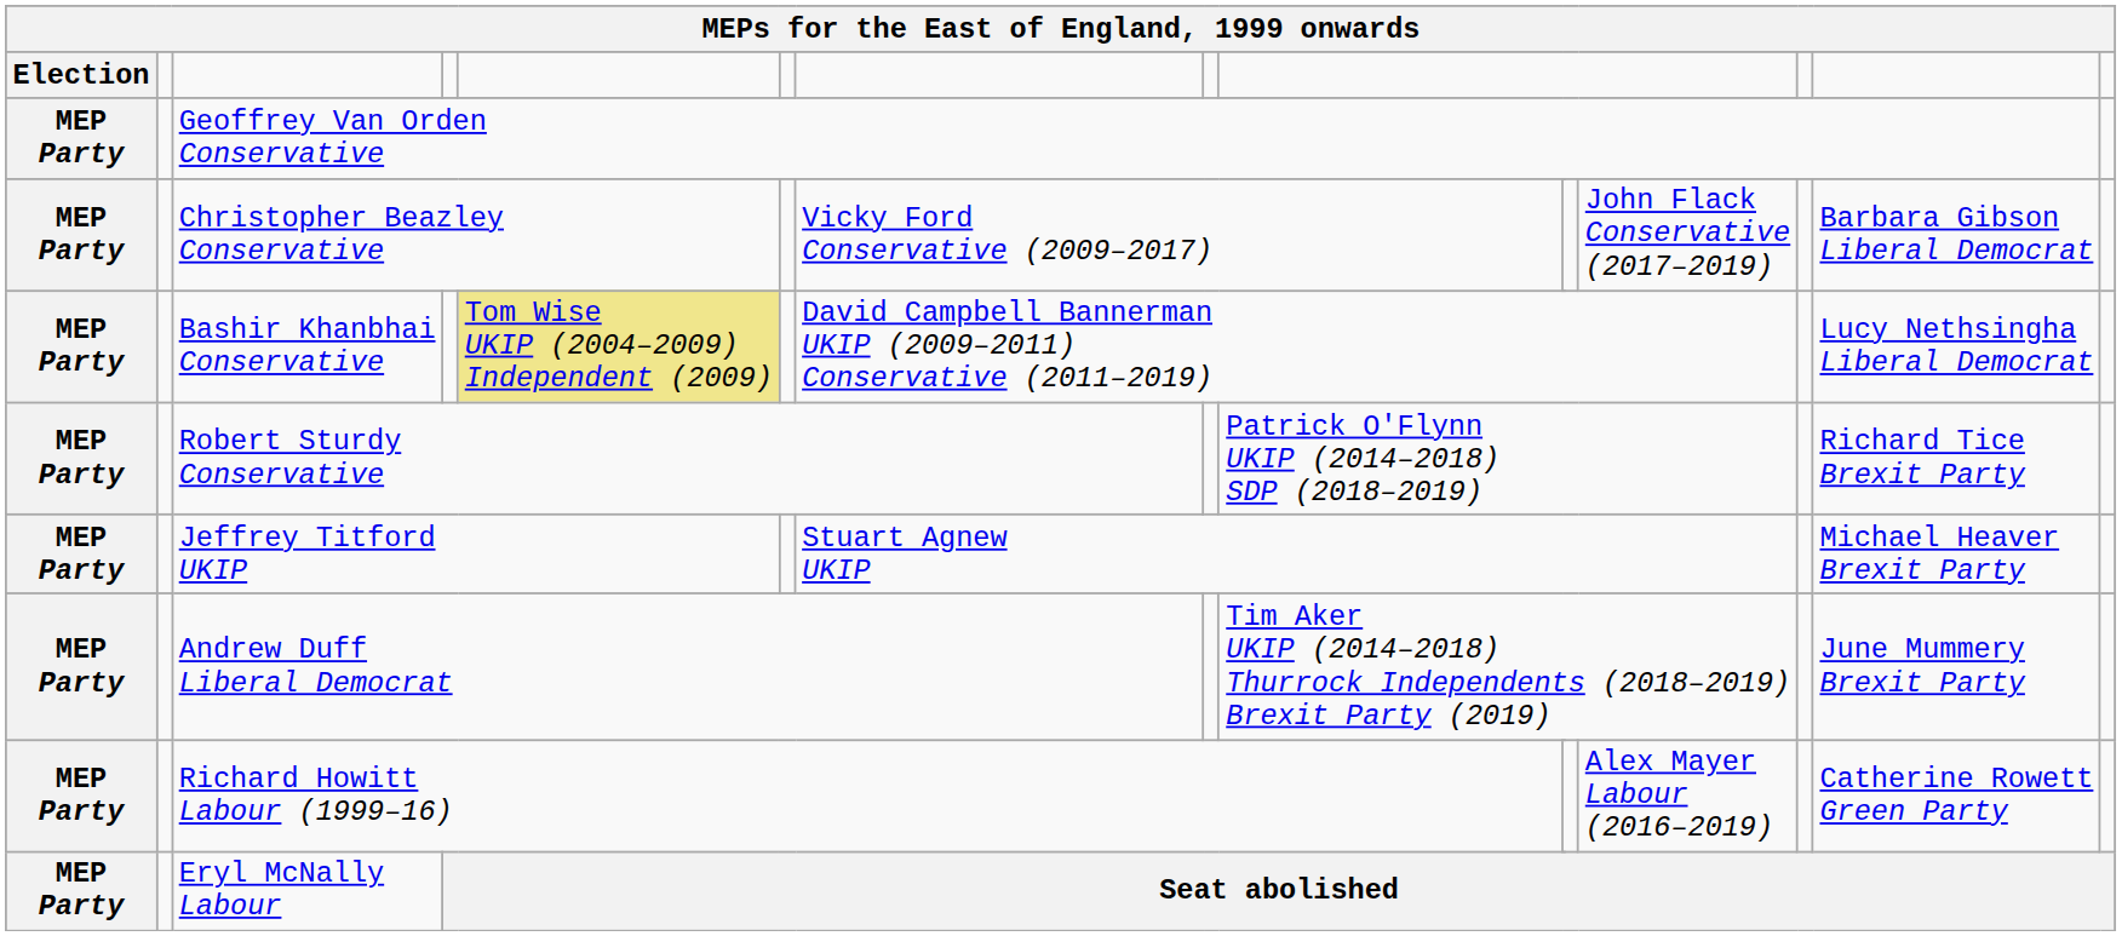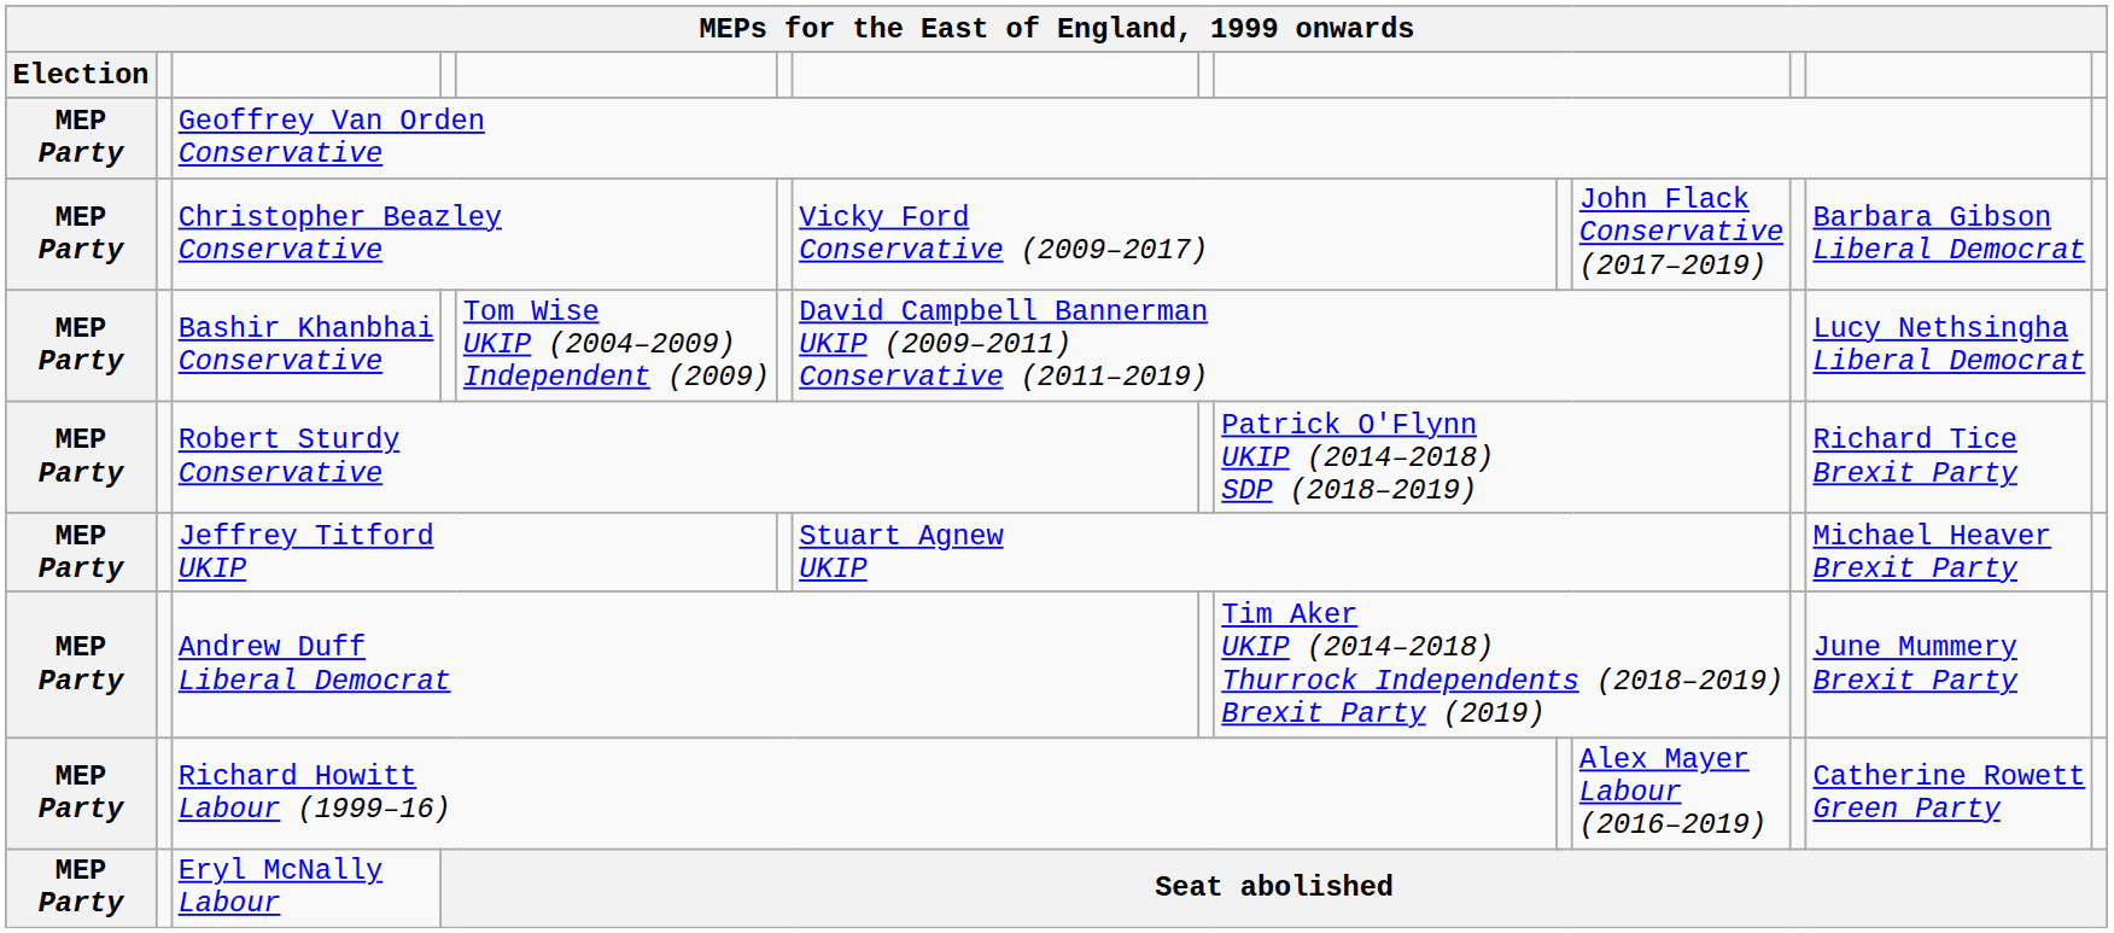 <table class="wikitable">
 <tr>
 <th colspan = 15>MEPs for the East of England, 1999 onwards</th>
 </tr>
 <tr>
 <th>Election</th>
 <td style="width:1px;"></td>
 <td></td>
 <td style="width:1px;"></td>
 <td></td>
 <td style="width:1px;"></td>
 <td></td>
 <td style="width:1px;"></td>
 <td colspan = 4></td>
 <td style="width:1px;"></td>
 <td></td>
 <td style="width:1px;"></td>
 </tr>
 <tr>
 <th>MEP<br><em>Party</em></th>
 <td width=1px style="background-color: "></td>
 <td colspan = 12><a href='#'>Geoffrey Van Orden</a><br><em><a href='#'>Conservative</a></em></td>
 <td width=1px style="background-color: "></td>
 </tr>
 <tr>
 <th>MEP<br><em>Party</em></th>
 <td width=1px style="background-color: "></td>
 <td colspan = 3><a href='#'>Christopher Beazley</a><br><em><a href='#'>Conservative</a></em></td>
 <td width=1px style="background-color: "></td>
 <td colspan = 4><a href='#'>Vicky Ford</a><br><em><a href='#'>Conservative</a> (2009–2017)</em></td>
 <td width=1px style="background-color: "></td>
 <td style="width:8px;"><a href='#'>John Flack</a><br><em><a href='#'>Conservative</a> (2017–2019)</em></td>
 <td width=1px style="background-color: "></td>
 <td><a href='#'>Barbara Gibson</a><br><em><a href='#'>Liberal Democrat</a></em></td>
 <td width=1px style="background-color: "></td>
 </tr>
 <tr>
 <th>MEP<br><em>Party</em></th>
 <td width=1px style="background-color: "></td>
 <td><a href='#'>Bashir Khanbhai</a><br><em><a href='#'>Conservative</a></em></td>
 <td width=1px style="background-color: "></td>
-<td style="background: khaki;"><a href='#'>Tom Wise</a> <br><em><a href='#'>UKIP</a> (2004–2009)</em> <br> <em><a href='#'>Independent</a> (2009)</em></td>
+<td><a href='#'>Tom Wise</a> <br><em><a href='#'>UKIP</a> (2004–2009)</em> <br> <em><a href='#'>Independent</a> (2009)</em></td>
 <td width=1px style="background-color: "></td>
 <td colspan = 6><a href='#'>David Campbell Bannerman</a><br><em><a href='#'>UKIP</a> (2009–2011) <br> <a href='#'>Conservative</a> (2011–2019)</em></td>
 <td width=1px style="background-color: "></td>
 <td><a href='#'>Lucy Nethsingha</a><br><em><a href='#'>Liberal Democrat</a></em></td>
 <td width=1px style="background-color: "></td>
 </tr>
 <tr>
 <th>MEP<br><em>Party</em></th>
 <td width=1px style="background-color: "></td>
 <td colspan = 5><a href='#'>Robert Sturdy</a><br><em><a href='#'>Conservative</a></em></td>
 <td width=1px style="background-color: "></td>
 <td colspan = 4><a href='#'>Patrick O'Flynn</a><br><em><a href='#'>UKIP</a> (2014–2018) <br> <a href='#'>SDP</a> (2018–2019)</em></td>
 <td width=1px style="background-color: "></td>
 <td><a href='#'>Richard Tice</a><br><em><a href='#'>Brexit Party</a></em></td>
 <td width=1px style="background-color: "></td>
 </tr>
 <tr>
 <th>MEP<br><em>Party</em></th>
 <td width=1px style="background-color: "></td>
 <td colspan = 3><a href='#'>Jeffrey Titford</a><br><em><a href='#'>UKIP</a></em></td>
 <td width=1px style="background-color: "></td>
 <td colspan = 6><a href='#'>Stuart Agnew</a><br><em><a href='#'>UKIP</a></em></td>
 <td width=1px style="background-color: "></td>
 <td><a href='#'>Michael Heaver</a><br><em><a href='#'>Brexit Party</a></em></td>
 <td width=1px style="background-color: "></td>
 </tr>
 <tr>
 <th>MEP<br><em>Party</em></th>
 <td width=1px style="background-color: "></td>
 <td colspan = 5><a href='#'>Andrew Duff</a><br><em><a href='#'>Liberal Democrat</a></em></td>
 <td width=1px style="background-color: "></td>
 <td colspan = 4><a href='#'>Tim Aker</a><br><em> <a href='#'>UKIP</a> (2014–2018)<br> <a href='#'>Thurrock Independents</a> (2018–2019)<br><a href='#'>Brexit Party</a> (2019)</em></td>
 <td width=1px style="background-color: "></td>
 <td><a href='#'>June Mummery</a><br><em><a href='#'>Brexit Party</a></em></td>
 <td width=1px style="background-color: "></td>
 </tr>
 <tr>
 <th>MEP<br><em>Party</em></th>
 <td width=1px style="background-color: "></td>
 <td colspan = 8><a href='#'>Richard Howitt</a><br><em><a href='#'>Labour</a> (1999–16)</em></td>
 <td width=1px style="background-color: "></td>
 <td><a href='#'>Alex Mayer</a><br><em><a href='#'>Labour</a> (2016–2019)</em></td>
 <td width=1px style="background-color: "></td>
 <td><a href='#'>Catherine Rowett</a><br><em><a href='#'>Green Party</a></em></td>
 <td width=1px style="background-color: "></td>
 </tr>
 <tr>
 <th>MEP<br><em>Party</em></th>
 <td width=1px style="background-color: "></td>
 <td><a href='#'>Eryl McNally</a><br><em><a href='#'>Labour</a></td>
 <th colspan = 12>Seat abolished</th>
 </tr>
 </table>
